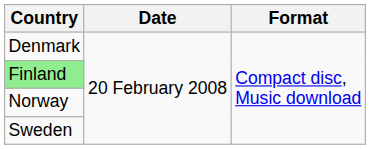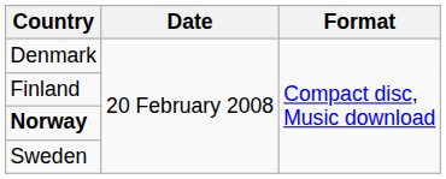 <table class="wikitable">
 <tr>
 <th>Country</th>
 <th>Date</th>
 <th>Format</th>
 </tr>
 <tr>
 <td>Denmark</td>
 <td rowspan="4">20 February 2008</td>
 <td rowspan="4"><a href='#'>Compact disc</a>,<br><a href='#'>Music download</a></td>
 </tr>
 <tr>
-<td style="background: lightgreen;">Finland</td>
+<td>Finland</td>
 </tr>
 <tr>
-<td>Norway</td>
+<td><strong>Norway</strong></td>
 </tr>
 <tr>
 <td>Sweden</td>
 </tr>
 </table>
